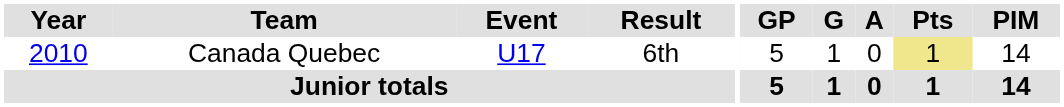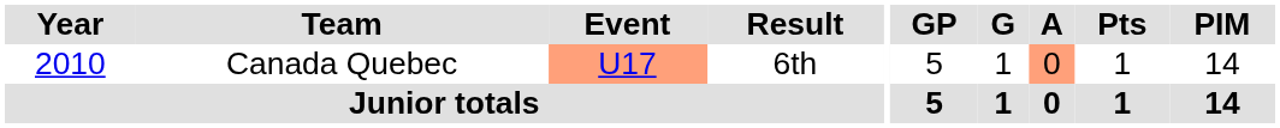 <table border="0" cellpadding="1" cellspacing="0" ID="Table3" style="text-align:center; width:40em">
 <tr ALIGN="center" bgcolor="#e0e0e0">
 <th>Year</th>
 <th>Team</th>
 <th>Event</th>
 <th>Result</th>
 <th rowspan="99" bgcolor="#ffffff"></th>
 <th>GP</th>
 <th>G</th>
 <th>A</th>
 <th>Pts</th>
 <th>PIM</th>
 </tr>
 <tr>
 <td><a href='#'>2010</a></td>
 <td>Canada Quebec</td>
-<td><a href='#'>U17</a></td>
+<td style="background: lightsalmon;"><a href='#'>U17</a></td>
 <td>6th</td>
 <td>5</td>
 <td>1</td>
-<td>0</td>
-<td style="background: khaki;">1</td>
+<td style="background: lightsalmon;">0</td>
+<td>1</td>
 <td>14</td>
 </tr>
 <tr bgcolor="#e0e0e0">
 <th colspan="4">Junior totals</th>
 <th>5</th>
 <th>1</th>
 <th>0</th>
 <th>1</th>
 <th>14</th>
 </tr>
 </table>
